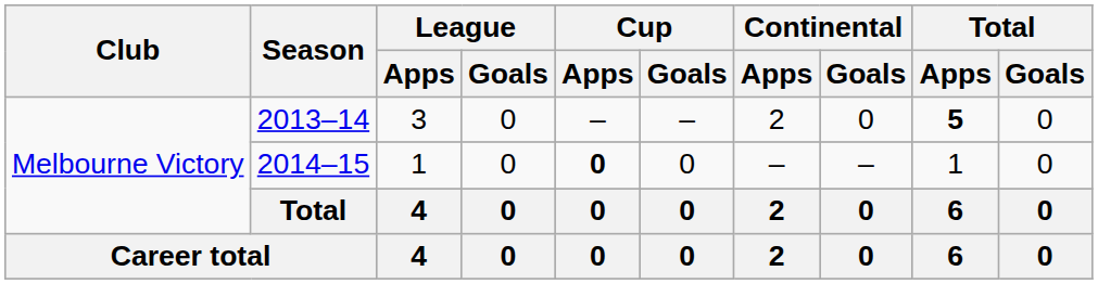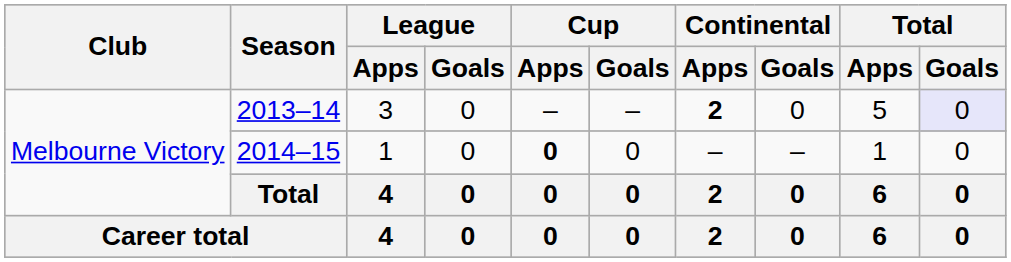 <table class="wikitable" border="1" style="font-size:100%; text-align: center;">
 <tr>
 <th rowspan="2">Club</th>
 <th rowspan="2">Season</th>
 <th colspan="2">League</th>
 <th colspan="2">Cup</th>
 <th colspan="2">Continental</th>
 <th colspan="2">Total</th>
 </tr>
 <tr>
 <th>Apps</th>
 <th>Goals</th>
 <th>Apps</th>
 <th>Goals</th>
 <th>Apps</th>
 <th>Goals</th>
 <th>Apps</th>
 <th>Goals</th>
 </tr>
 <tr>
 <td rowspan="3" valign="middle"><a href='#'>Melbourne Victory</a></td>
 <td><a href='#'>2013–14</a></td>
 <td>3</td>
 <td>0</td>
 <td>–</td>
 <td>–</td>
-<td>2</td>
+<td><strong>2</strong></td>
 <td>0</td>
-<td><strong>5</strong></td>
-<td>0</td>
+<td>5</td>
+<td style="background: lavender;">0</td>
 </tr>
 <tr>
 <td><a href='#'>2014–15</a></td>
 <td>1</td>
 <td>0</td>
 <td><strong>0</strong></td>
 <td>0</td>
 <td>–</td>
 <td>–</td>
 <td>1</td>
 <td>0</td>
 </tr>
 <tr>
 <th>Total</th>
 <th>4</th>
 <th>0</th>
 <th>0</th>
 <th>0</th>
 <th>2</th>
 <th>0</th>
 <th>6</th>
 <th>0</th>
 </tr>
 <tr>
 <th colspan="2">Career total</th>
 <th>4</th>
 <th>0</th>
 <th>0</th>
 <th>0</th>
 <th>2</th>
 <th>0</th>
 <th>6</th>
 <th>0</th>
 </tr>
 </table>
